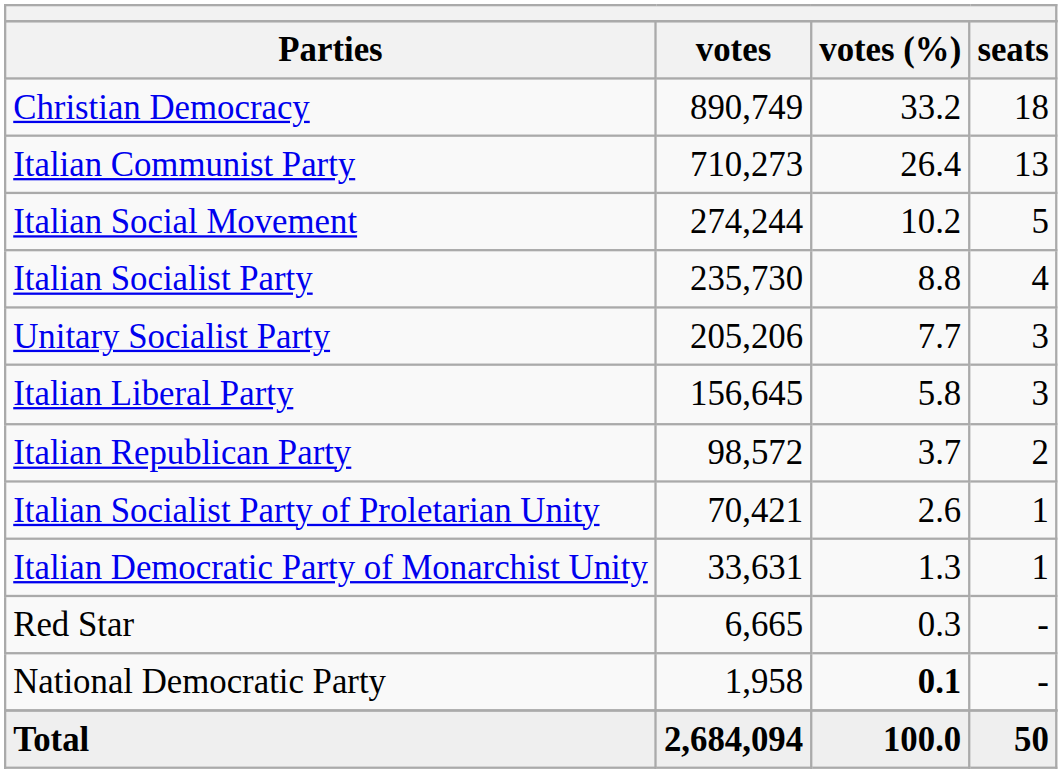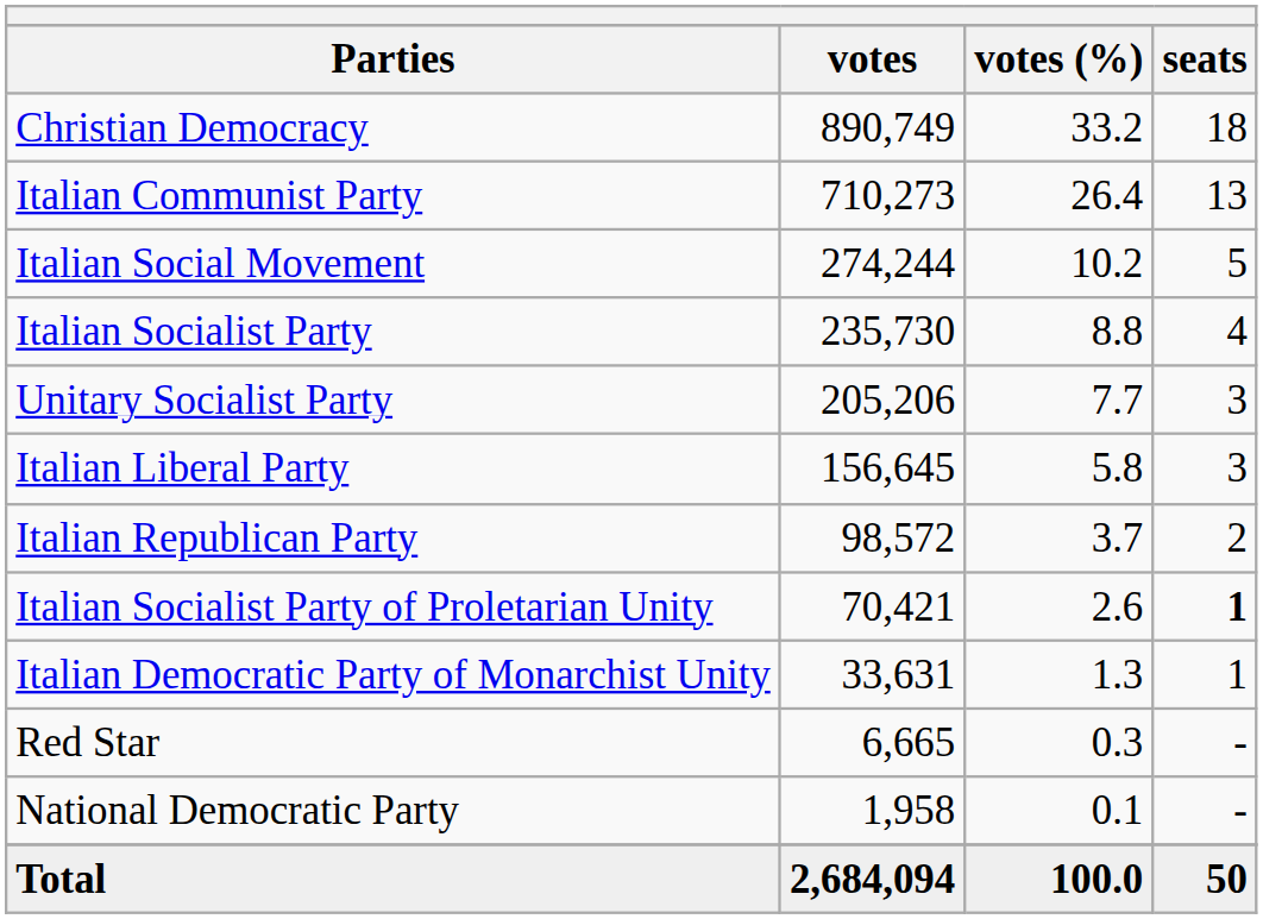 <table class="wikitable" style="font-size:95%">
 <tr>
 <th colspan=4></th>
 </tr>
 <tr>
 </tr>
 <tr bgcolor="EFEFEF">
 <th>Parties</th>
 <th>votes</th>
 <th>votes (%)</th>
 <th>seats</th>
 </tr>
 <tr>
 <td><a href='#'>Christian Democracy</a></td>
 <td align=right>890,749</td>
 <td align=right>33.2</td>
 <td align=right>18</td>
 </tr>
 <tr>
 <td><a href='#'>Italian Communist Party</a></td>
 <td align=right>710,273</td>
 <td align=right>26.4</td>
 <td align=right>13</td>
 </tr>
 <tr>
 <td><a href='#'>Italian Social Movement</a></td>
 <td align=right>274,244</td>
 <td align=right>10.2</td>
 <td align=right>5</td>
 </tr>
 <tr>
 <td><a href='#'>Italian Socialist Party</a></td>
 <td align=right>235,730</td>
 <td align=right>8.8</td>
 <td align=right>4</td>
 </tr>
 <tr>
 <td><a href='#'>Unitary Socialist Party</a></td>
 <td align=right>205,206</td>
 <td align=right>7.7</td>
 <td align=right>3</td>
 </tr>
 <tr>
 <td><a href='#'>Italian Liberal Party</a></td>
 <td align=right>156,645</td>
 <td align=right>5.8</td>
 <td align=right>3</td>
 </tr>
 <tr>
 <td><a href='#'>Italian Republican Party</a></td>
 <td align=right>98,572</td>
 <td align=right>3.7</td>
 <td align=right>2</td>
 </tr>
 <tr>
 <td><a href='#'>Italian Socialist Party of Proletarian Unity</a></td>
 <td align=right>70,421</td>
 <td align=right>2.6</td>
-<td align=right>1</td>
+<td align=right><strong>1</strong></td>
 </tr>
 <tr>
 <td><a href='#'>Italian Democratic Party of Monarchist Unity</a></td>
 <td align=right>33,631</td>
 <td align=right>1.3</td>
 <td align=right>1</td>
 </tr>
 <tr>
 <td>Red Star</td>
 <td align=right>6,665</td>
 <td align=right>0.3</td>
 <td align=right>-</td>
 </tr>
 <tr>
 <td>National Democratic Party</td>
 <td align=right>1,958</td>
-<td align=right><strong>0.1</strong></td>
+<td align=right>0.1</td>
 <td align=right>-</td>
 </tr>
 <tr>
 </tr>
 <tr bgcolor="EFEFEF">
 <td><strong>Total</strong></td>
 <td align=right><strong>2,684,094</strong></td>
 <td align=right><strong>100.0</strong></td>
 <td align=right><strong>50</strong></td>
 </tr>
 </table>
